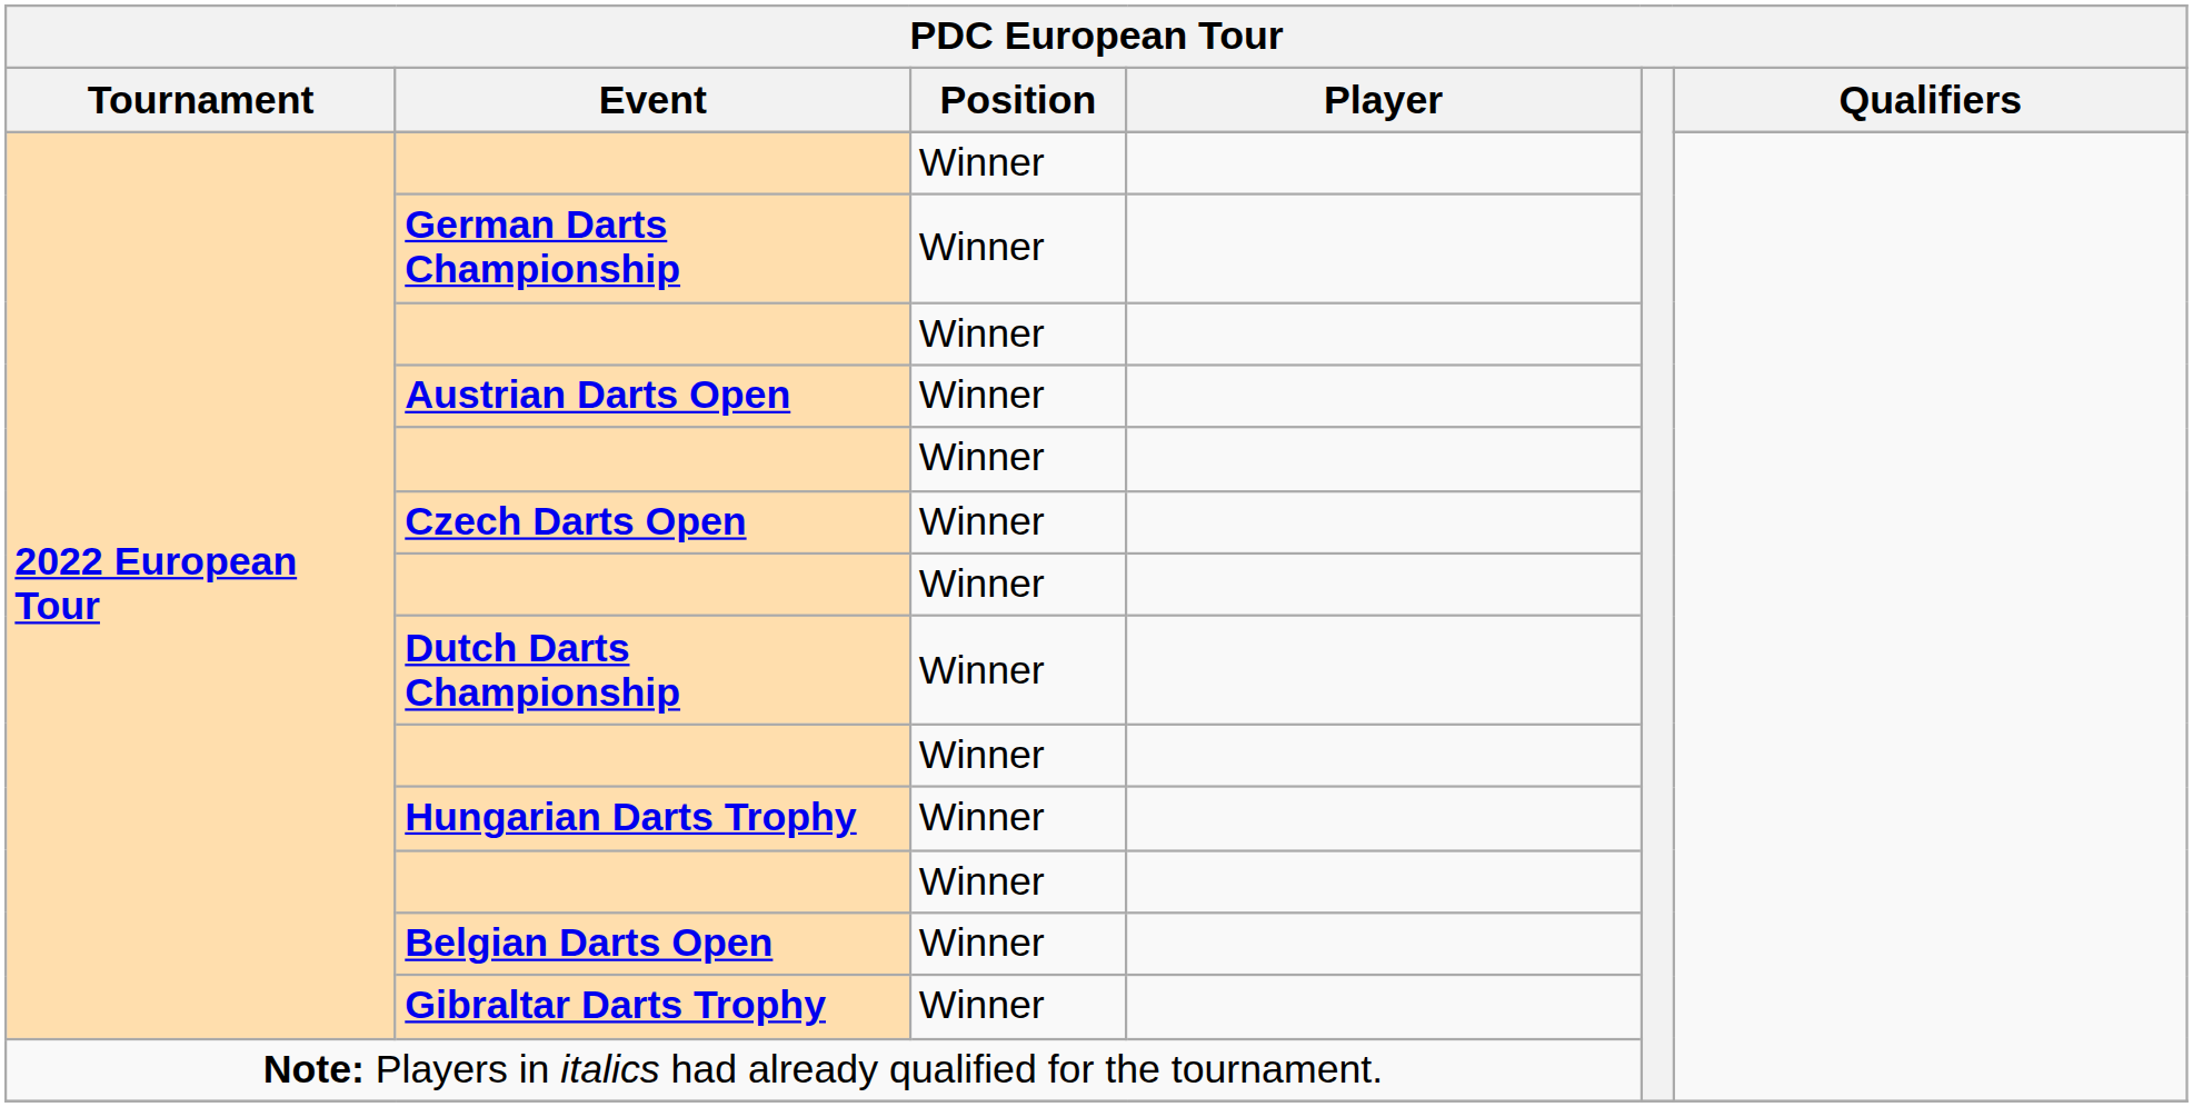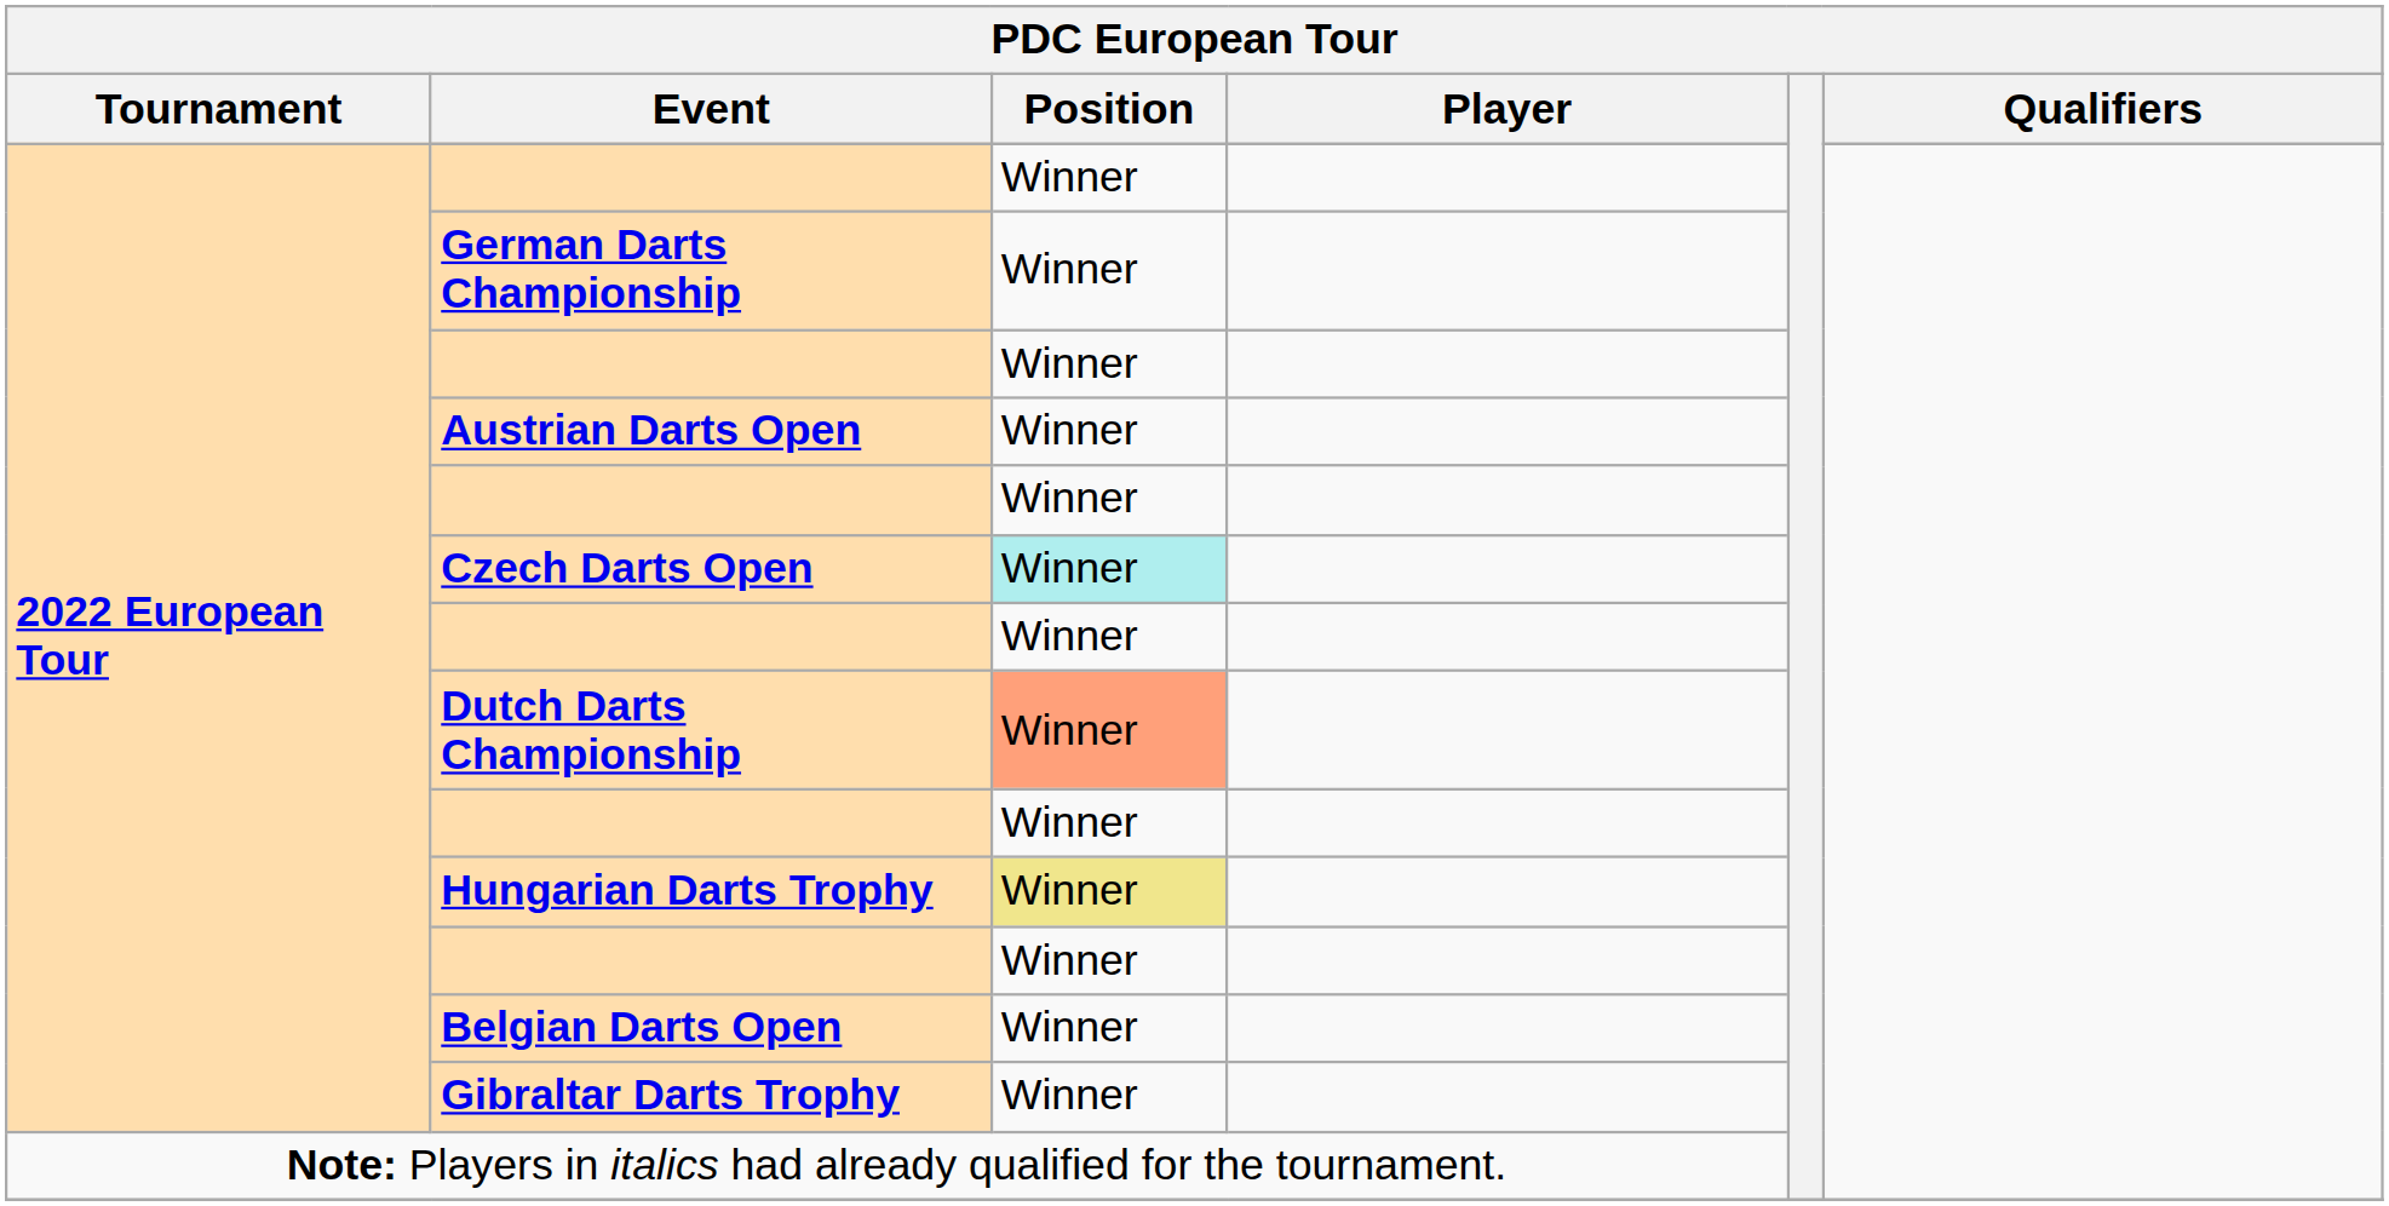 <table class="wikitable">
 <tr>
 <th colspan=6>PDC European Tour</th>
 </tr>
 <tr>
 <th width=150>Tournament</th>
 <th width=200>Event</th>
 <th width=80>Position</th>
 <th width=200>Player</th>
 <th rowspan=16 width=6></th>
 <th width=200>Qualifiers</th>
 </tr>
 <tr>
 <td rowspan=14 style="background:#ffdead;"><strong><a href='#'>2022 European Tour</a></strong></td>
 </tr>
 <tr>
 <td style="background:#ffdead;"></td>
 <td>Winner</td>
 <td><em></em></td>
 <td rowspan=14></td>
 </tr>
 <tr>
 <td style="background:#ffdead;"><strong><a href='#'>German Darts Championship</a></strong></td>
 <td>Winner</td>
 <td><em></em></td>
 </tr>
 <tr>
 <td style="background:#ffdead;"></td>
 <td>Winner</td>
 <td></td>
 </tr>
 <tr>
 <td style="background:#ffdead;"><strong><a href='#'>Austrian Darts Open</a></strong></td>
 <td>Winner</td>
 <td><em></em></td>
 </tr>
 <tr>
 <td style="background:#ffdead;"></td>
 <td>Winner</td>
 <td><em></em></td>
 </tr>
 <tr>
 <td style="background:#ffdead;"><strong><a href='#'>Czech Darts Open</a></strong></td>
-<td>Winner</td>
+<td style="background: paleturquoise;">Winner</td>
 <td><em></em></td>
 </tr>
 <tr>
 <td style="background:#ffdead;"></td>
 <td>Winner</td>
 <td><em></em></td>
 </tr>
 <tr>
 <td style="background:#ffdead;"><strong><a href='#'>Dutch Darts Championship</a></strong></td>
-<td>Winner</td>
+<td style="background: lightsalmon;">Winner</td>
 <td><em></em></td>
 </tr>
 <tr>
 <td style="background:#ffdead;"></td>
 <td>Winner</td>
 <td><em></em></td>
 </tr>
 <tr>
 <td style="background:#ffdead;"><strong><a href='#'>Hungarian Darts Trophy</a></strong></td>
-<td>Winner</td>
+<td style="background: khaki;">Winner</td>
 <td><em></em></td>
 </tr>
 <tr>
 <td style="background:#ffdead;"></td>
 <td>Winner</td>
 <td><em></em></td>
 </tr>
 <tr>
 <td style="background:#ffdead;"><strong><a href='#'>Belgian Darts Open</a></strong></td>
 <td>Winner</td>
 <td><em></em></td>
 </tr>
 <tr>
 <td style="background:#ffdead;"><strong><a href='#'>Gibraltar Darts Trophy</a></strong></td>
 <td>Winner</td>
 <td><em></em></td>
 </tr>
 <tr>
 <td colspan=4 style="text-align:center"><strong>Note:</strong> Players in <em>italics</em> had already qualified for the tournament.</td>
 </tr>
 <tr>
 </tr>
 </table>
